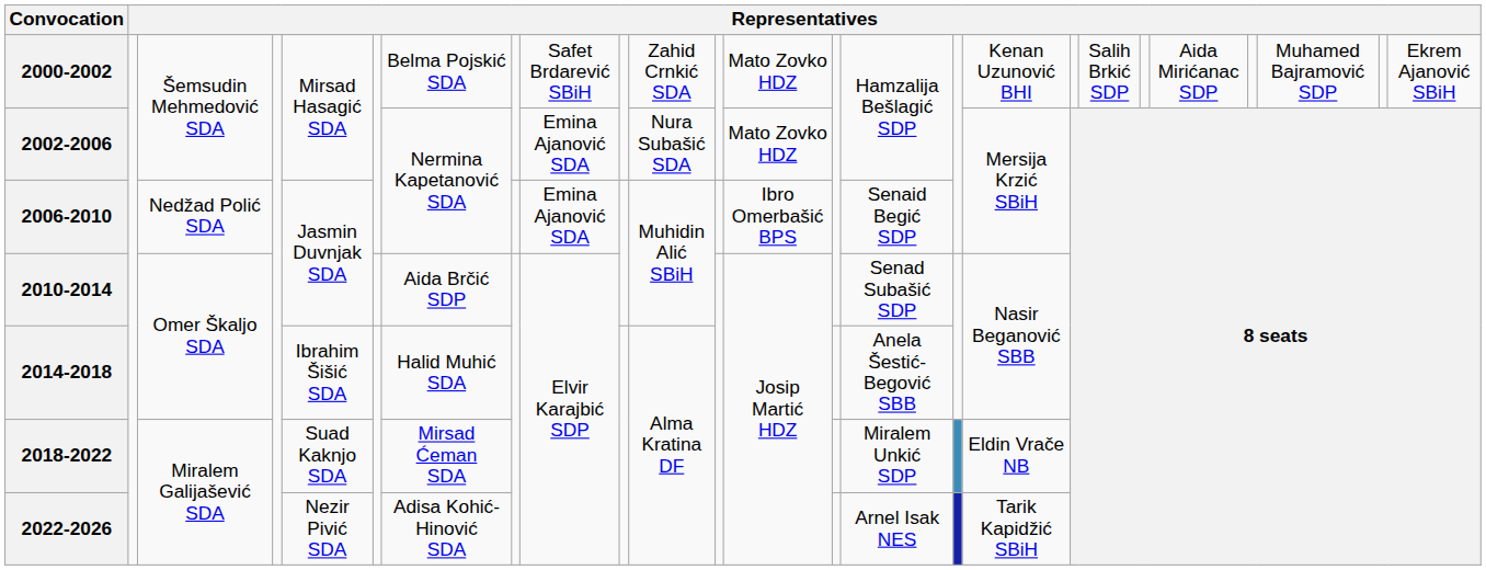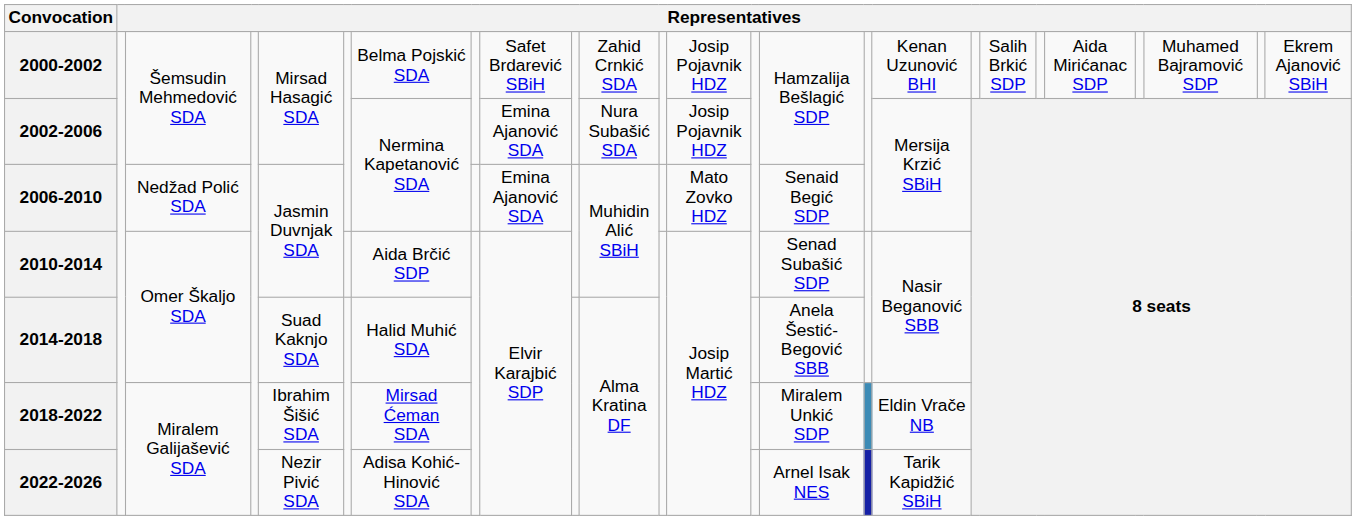 <table class="wikitable" style="text-align:center">
 <tr>
 <th>Convocation</th>
 <th colspan=24>Representatives</th>
 </tr>
 <tr>
 <th>2000-2002</th>
 <td rowspan=7; style="background-color: "></td>
 <td rowspan=2>Šemsudin Mehmedović<br><a href='#'>SDA</a></td>
 <td rowspan=7; style="background-color: "></td>
 <td rowspan=2>Mirsad Hasagić<br><a href='#'>SDA</a></td>
 <td rowspan=3; style="background-color: "></td>
 <td rowspan=1>Belma Pojskić<br><a href='#'>SDA</a></td>
 <td rowspan=2; style="background-color: "></td>
 <td rowspan=1>Safet Brdarević<br><a href='#'>SBiH</a></td>
 <td rowspan=2; style="background-color: "></td>
 <td rowspan=1>Zahid Crnkić<br><a href='#'>SDA</a></td>
 <td rowspan=2; style="background-color: "></td>
-<td rowspan=1>Mato Zovko<br><a href='#'>HDZ</a></td>
+<td rowspan=1>Josip Pojavnik<br><a href='#'>HDZ</a></td>
 <td rowspan=4; style="background-color: "></td>
 <td rowspan=2>Hamzalija Bešlagić<br><a href='#'>SDP</a></td>
 <td rowspan=3; style="background-color: "></td>
 <td rowspan=1>Kenan Uzunović<br><a href='#'>BHI</a></td>
 <td rowspan=1; style="background-color: "></td>
 <td rowspan=1>Salih Brkić<br><a href='#'>SDP</a></td>
 <td rowspan=1; style="background-color: "></td>
 <td rowspan=1>Aida Mirićanac<br><a href='#'>SDP</a></td>
 <td rowspan=1; style="background-color: "></td>
 <td rowspan=1>Muhamed Bajramović<br><a href='#'>SDP</a></td>
 <td rowspan=1; style="background-color: "></td>
 <td rowspan=1>Ekrem Ajanović<br><a href='#'>SBiH</a></td>
 </tr>
 <tr>
 <th>2002-2006</th>
 <td rowspan=2>Nermina Kapetanović<br><a href='#'>SDA</a></td>
 <td rowspan=1>Emina Ajanović<br><a href='#'>SDA</a></td>
 <td rowspan=1>Nura Subašić<br><a href='#'>SDA</a></td>
-<td rowspan=1>Mato Zovko<br><a href='#'>HDZ</a></td>
+<td rowspan=1>Josip Pojavnik<br><a href='#'>HDZ</a></td>
 <td rowspan=2>Mersija Krzić<br><a href='#'>SBiH</a></td>
 <th rowspan=6; colspan=8>8 seats</th>
 </tr>
 <tr>
 <th>2006-2010</th>
 <td rowspan=1>Nedžad Polić<br><a href='#'>SDA</a></td>
 <td rowspan=2>Jasmin Duvnjak<br><a href='#'>SDA</a></td>
 <td rowspan=1; style="background-color: "></td>
 <td rowspan=1>Emina Ajanović<br><a href='#'>SDA</a></td>
 <td rowspan=2; style="background-color: "></td>
 <td rowspan=2>Muhidin Alić<br><a href='#'>SBiH</a></td>
 <td rowspan=1; style="background-color: "></td>
-<td rowspan=1>Ibro Omerbašić<br><a href='#'>BPS</a></td>
+<td rowspan=1>Mato Zovko<br><a href='#'>HDZ</a></td>
 <td rowspan=1>Senaid Begić<br><a href='#'>SDP</a></td>
 </tr>
 <tr>
 <th>2010-2014</th>
 <td rowspan=2>Omer Škaljo<br><a href='#'>SDA</a></td>
 <td rowspan=1; style="background-color: "></td>
 <td rowspan=1>Aida Brčić<br><a href='#'>SDP</a></td>
 <td rowspan=4; style="background-color: "></td>
 <td rowspan=4>Elvir Karajbić<br><a href='#'>SDP</a></td>
 <td rowspan=4; style="background-color: "></td>
 <td rowspan=4>Josip Martić<br><a href='#'>HDZ</a></td>
 <td rowspan=1>Senad Subašić<br><a href='#'>SDP</a></td>
 <td rowspan=2; style="background-color: "></td>
 <td rowspan=2>Nasir Beganović<br><a href='#'>SBB</a></td>
 </tr>
 <tr>
 <th>2014-2018</th>
-<td rowspan=1>Ibrahim Šišić<br><a href='#'>SDA</a></td>
+<td rowspan=1>Suad Kaknjo<br><a href='#'>SDA</a></td>
 <td rowspan=3; style="background-color: "></td>
 <td rowspan=1>Halid Muhić<br><a href='#'>SDA</a></td>
 <td rowspan=3; style="background-color: "></td>
 <td rowspan=3>Alma Kratina<br><a href='#'>DF</a></td>
 <td rowspan=1; style="background-color: "></td>
 <td rowspan=1>Anela Šestić-Begović<br><a href='#'>SBB</a></td>
 </tr>
 <tr>
 <th>2018-2022</th>
 <td rowspan=2>Miralem Galijašević<br><a href='#'>SDA</a></td>
-<td rowspan=1>Suad Kaknjo<br><a href='#'>SDA</a></td>
+<td rowspan=1>Ibrahim Šišić<br><a href='#'>SDA</a></td>
 <td rowspan=1><a href='#'>Mirsad Ćeman</a><br><a href='#'>SDA</a></td>
 <td rowspan=1; style="background-color: "></td>
 <td rowspan=1>Miralem Unkić<br><a href='#'>SDP</a></td>
 <td rowspan=1; style="background:#3C8BB6"></td>
 <td rowspan=1>Eldin Vrače<br><a href='#'>NB</a></td>
 </tr>
 <tr>
 <th>2022-2026</th>
 <td rowspan=1>Nezir Pivić<br><a href='#'>SDA</a></td>
 <td rowspan=1>Adisa Kohić-Hinović<br><a href='#'>SDA</a></td>
 <td rowspan=1; style="background-color: "></td>
 <td rowspan=1>Arnel Isak<br><a href='#'>NES</a></td>
 <td rowspan=1; style="background-color: #1520A6"></td>
 <td rowspan=1>Tarik Kapidžić<br><a href='#'>SBiH</a></td>
 </tr>
 </table>
